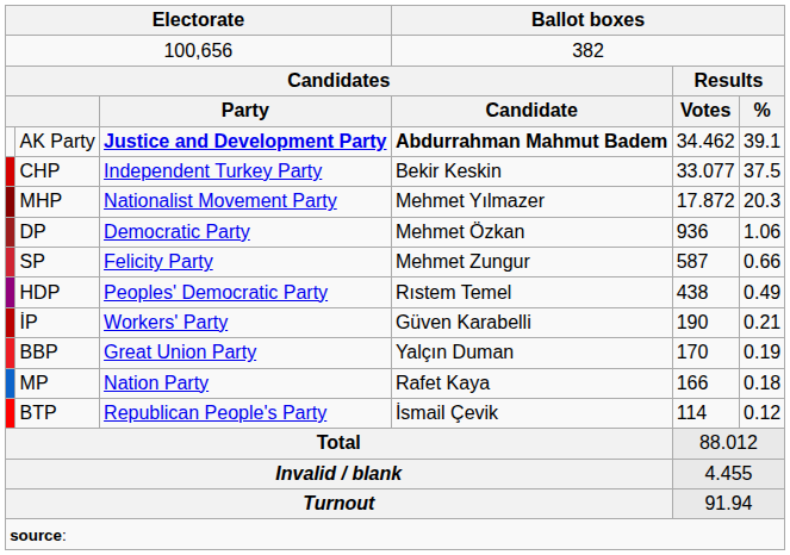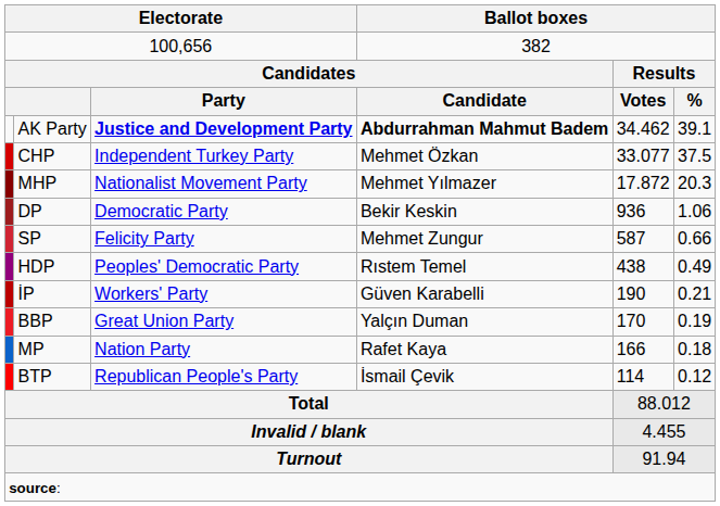 <table class="wikitable">
 <tr style="background-color:#F2F2F2">
 <td align="center" colspan="3"><strong>Electorate</strong></td>
 <td align="center" colspan="7"><strong>Ballot boxes</strong></td>
 </tr>
 <tr align="left">
 <td align="center" colspan="3">100,656</td>
 <td align="center" colspan="7">382</td>
 </tr>
 <tr>
 </tr>
 <tr style="background-color:#E9E9E9">
 </tr>
 <tr>
 <th align="center" colspan="4">Candidates</th>
 <th align="center" colspan="6">Results</th>
 </tr>
 <tr style="background-color:#E9E9E9">
 <th align="center" colspan="2"></th>
 <th align="center">Party</th>
 <th align="center">Candidate</th>
 <th align="center">Votes</th>
 <th align="center">%</th>
 </tr>
 <tr align="left">
 <td></td>
 <td>AK Party</td>
 <td><strong><a href='#'>Justice and Development Party</a></strong></td>
 <td><strong>Abdurrahman Mahmut Badem</strong></td>
 <td>34.462</td>
 <td>39.1</td>
 </tr>
 <tr align="left">
 <td bgcolor="#d50000" width=1></td>
 <td>CHP</td>
 <td><a href='#'>Independent Turkey Party</a></td>
-<td>Bekir Keskin</td>
+<td>Mehmet Özkan</td>
 <td>33.077</td>
 <td>37.5</td>
 </tr>
 <tr align="left">
 <td bgcolor="#870000" width=1></td>
 <td>MHP</td>
 <td><a href='#'>Nationalist Movement Party</a></td>
 <td>Mehmet Yılmazer</td>
 <td>17.872</td>
 <td>20.3</td>
 </tr>
 <tr align="left">
 <td bgcolor="#9D1D1E" width=1></td>
 <td>DP</td>
 <td><a href='#'>Democratic Party</a></td>
-<td>Mehmet Özkan</td>
+<td>Bekir Keskin</td>
 <td>936</td>
 <td>1.06</td>
 </tr>
 <tr align="left">
 <td bgcolor="#D02433" width=1></td>
 <td>SP</td>
 <td><a href='#'>Felicity Party</a></td>
 <td>Mehmet Zungur</td>
 <td>587</td>
 <td>0.66</td>
 </tr>
 <tr align="left">
 <td bgcolor="#91007B" width=1></td>
 <td>HDP</td>
 <td><a href='#'>Peoples' Democratic Party</a></td>
 <td>Rıstem Temel</td>
 <td>438</td>
 <td>0.49</td>
 </tr>
 <tr align="left">
 <td bgcolor="#BB0000" width=1></td>
 <td>İP</td>
 <td><a href='#'>Workers' Party</a></td>
 <td>Güven Karabelli</td>
 <td>190</td>
 <td>0.21</td>
 </tr>
 <tr align="left">
 <td bgcolor="#ED1C24" width=1></td>
 <td>BBP</td>
 <td><a href='#'>Great Union Party</a></td>
 <td>Yalçın Duman</td>
 <td>170</td>
 <td>0.19</td>
 </tr>
 <tr align="left">
 <td bgcolor="#0C63CA" width=1></td>
 <td>MP</td>
 <td><a href='#'>Nation Party</a></td>
 <td>Rafet Kaya</td>
 <td>166</td>
 <td>0.18</td>
 </tr>
 <tr align="left">
 <td bgcolor="#FE0000" width=1></td>
 <td>BTP</td>
 <td><a href='#'>Republican People's Party</a></td>
 <td>İsmail Çevik</td>
 <td>114</td>
 <td>0.12</td>
 </tr>
 <tr style="background-color:#E9E9E9" align="left">
 <th align="center" colspan="4"><strong>Total</strong></th>
 <td align="center" colspan="5">88.012</td>
 </tr>
 <tr style="background-color:#E9E9E9" align="left">
 <th align="center" colspan="4"><em>Invalid / blank</em></th>
 <td align="center" colspan="5">4.455</td>
 </tr>
 <tr style="background-color:#E9E9E9" align="left">
 <th align="center" colspan="4"><em>Turnout</em></th>
 <td align="center" colspan="5">91.94</td>
 </tr>
 <tr>
 <td align="left" colspan=10><small><strong>source</strong>: </small></td>
 </tr>
 </table>
